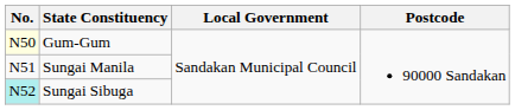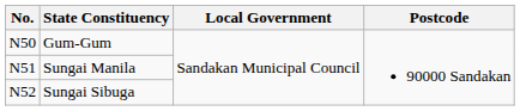 <table class="wikitable">
 <tr>
 <th>No.</th>
 <th>State Constituency</th>
 <th>Local Government</th>
 <th>Postcode</th>
 </tr>
 <tr>
-<td style="background: lightyellow;">N50</td>
+<td>N50</td>
 <td>Gum-Gum</td>
 <td rowspan="3">Sandakan Municipal Council</td>
 <td rowspan="3"><br><ul><li>90000 Sandakan</li></ul></td>
 </tr>
 <tr>
 <td>N51</td>
 <td>Sungai Manila</td>
 </tr>
 <tr>
-<td style="background: paleturquoise;">N52</td>
+<td>N52</td>
 <td>Sungai Sibuga</td>
 </tr>
 </table>
